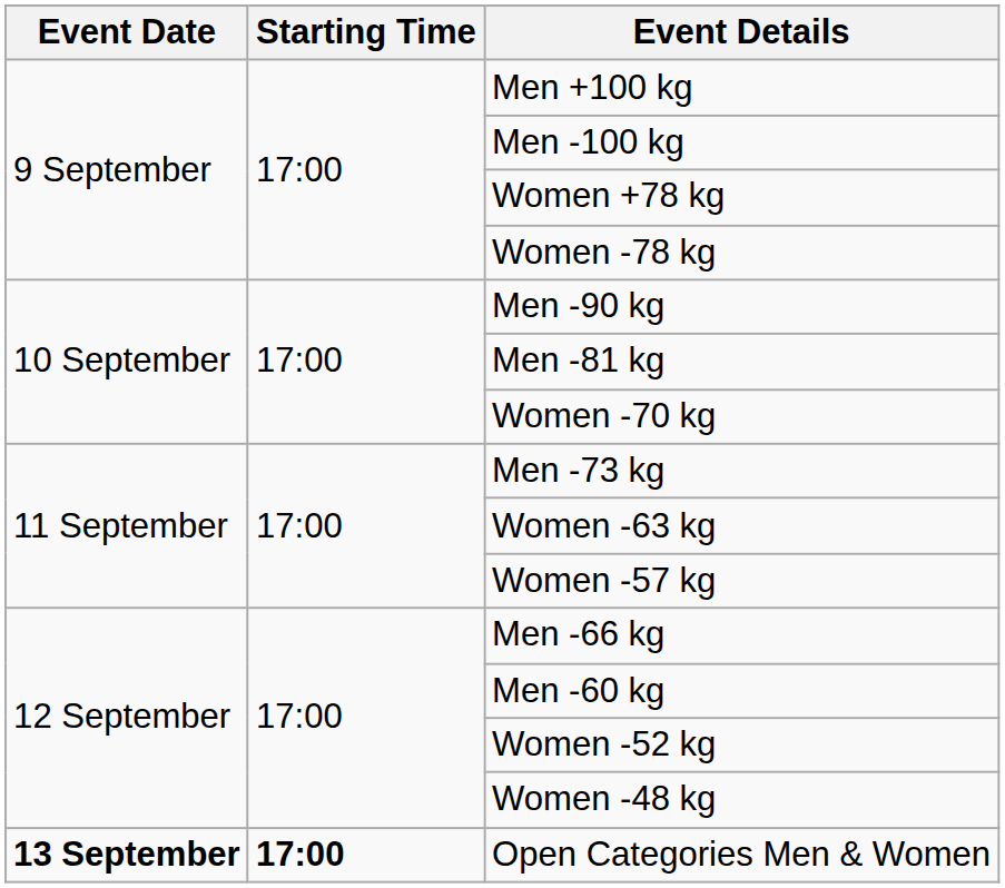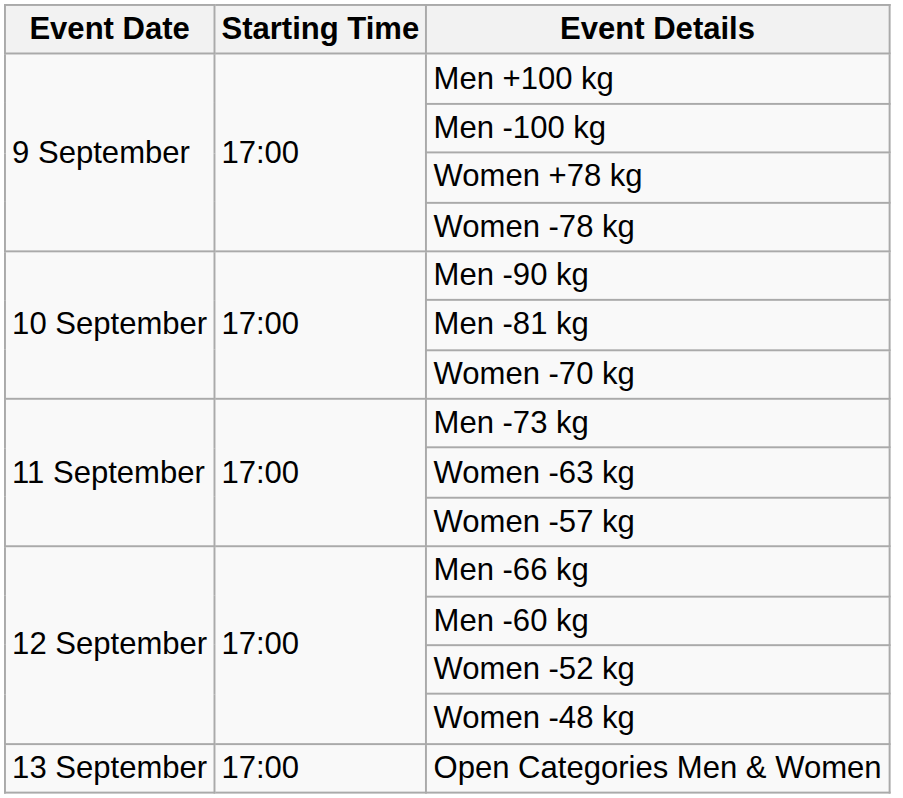 <table class="wikitable">
 <tr>
 <th>Event Date</th>
 <th>Starting Time</th>
 <th>Event Details</th>
 </tr>
 <tr>
 <td rowspan=4>9 September</td>
 <td rowspan=4>17:00</td>
 <td>Men +100 kg</td>
 </tr>
 <tr>
 <td>Men -100 kg</td>
 </tr>
 <tr>
 <td>Women +78 kg</td>
 </tr>
 <tr>
 <td>Women -78 kg</td>
 </tr>
 <tr>
 <td rowspan=3>10 September</td>
 <td rowspan=3>17:00</td>
 <td>Men -90 kg</td>
 </tr>
 <tr>
 <td>Men -81 kg</td>
 </tr>
 <tr>
 <td>Women -70 kg</td>
 </tr>
 <tr>
 <td rowspan=3>11 September</td>
 <td rowspan=3>17:00</td>
 <td>Men -73 kg</td>
 </tr>
 <tr>
 <td>Women -63 kg</td>
 </tr>
 <tr>
 <td>Women -57 kg</td>
 </tr>
 <tr>
 <td rowspan=4>12 September</td>
 <td rowspan=4>17:00</td>
 <td>Men -66 kg</td>
 </tr>
 <tr>
 <td>Men -60 kg</td>
 </tr>
 <tr>
 <td>Women -52 kg</td>
 </tr>
 <tr>
 <td>Women -48 kg</td>
 </tr>
 <tr>
-<td><strong>13 September</strong></td>
-<td><strong>17:00</strong></td>
+<td>13 September</td>
+<td>17:00</td>
 <td>Open Categories Men & Women</td>
 </tr>
 </table>
